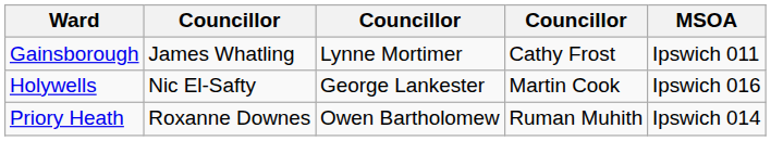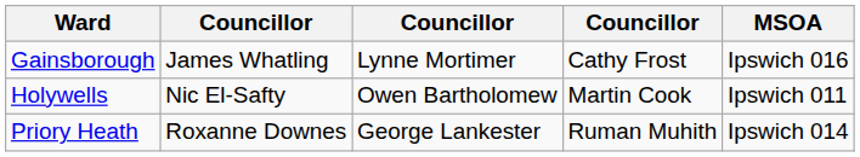 <table class="wikitable">
 <tr>
 <th>Ward</th>
 <th>Councillor</th>
 <th>Councillor</th>
 <th>Councillor</th>
 <th>MSOA</th>
 </tr>
 <tr>
 <td><a href='#'>Gainsborough</a></td>
 <td ! style="background-color:">James Whatling</td>
 <td ! style="background-color:">Lynne Mortimer</td>
 <td ! style="background-color:">Cathy Frost</td>
-<td>Ipswich 011</td>
+<td>Ipswich 016</td>
 </tr>
 <tr>
 <td><a href='#'>Holywells</a></td>
 <td ! style="background-color:">Nic El-Safty</td>
-<td ! style="background-color:">George Lankester</td>
+<td ! style="background-color:">Owen Bartholomew</td>
 <td ! style="background-color:">Martin Cook</td>
-<td>Ipswich 016</td>
+<td>Ipswich 011</td>
 </tr>
 <tr>
 <td><a href='#'>Priory Heath</a></td>
 <td ! style="background-color:">Roxanne Downes</td>
-<td ! style="background-color:">Owen Bartholomew</td>
+<td ! style="background-color:">George Lankester</td>
 <td ! style="background-color:">Ruman Muhith</td>
 <td>Ipswich 014</td>
 </tr>
 </table>
